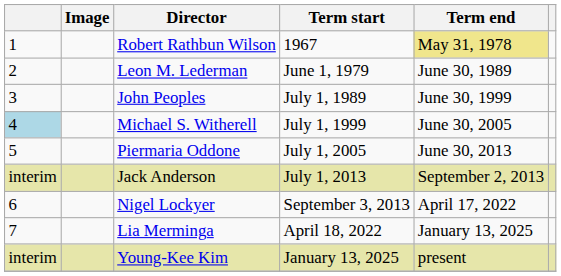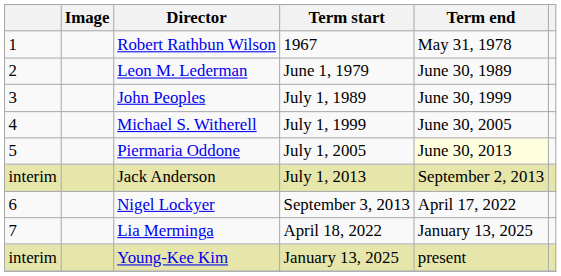 <table class="wikitable">
 <tr>
 <th></th>
 <th>Image</th>
 <th>Director</th>
 <th>Term start</th>
 <th>Term end</th>
 <th></th>
 </tr>
 <tr>
 <td>1</td>
 <td></td>
 <td><a href='#'>Robert Rathbun Wilson</a></td>
 <td>1967</td>
-<td style="background: khaki;">May 31, 1978</td>
+<td>May 31, 1978</td>
 <td></td>
 </tr>
 <tr>
 <td>2</td>
 <td></td>
 <td><a href='#'>Leon M. Lederman</a></td>
 <td>June 1, 1979</td>
 <td>June 30, 1989</td>
 <td></td>
 </tr>
 <tr>
 <td>3</td>
 <td></td>
 <td><a href='#'>John Peoples</a></td>
 <td>July 1, 1989</td>
 <td>June 30, 1999</td>
 <td></td>
 </tr>
 <tr>
-<td style="background: lightblue;">4</td>
+<td>4</td>
 <td></td>
 <td><a href='#'>Michael S. Witherell</a></td>
 <td>July 1, 1999</td>
 <td>June 30, 2005</td>
 <td></td>
 </tr>
 <tr>
 <td>5</td>
 <td></td>
 <td><a href='#'>Piermaria Oddone</a></td>
 <td>July 1, 2005</td>
-<td>June 30, 2013</td>
+<td style="background: lightyellow;">June 30, 2013</td>
 <td></td>
 </tr>
 <tr bgcolor="#e6e6aa">
 <td>interim</td>
 <td></td>
 <td>Jack Anderson</td>
 <td>July 1, 2013</td>
 <td>September 2, 2013</td>
 <td></td>
 </tr>
 <tr>
 <td>6</td>
 <td></td>
 <td><a href='#'>Nigel Lockyer</a></td>
 <td>September 3, 2013</td>
 <td>April 17, 2022</td>
 <td></td>
 </tr>
 <tr>
 <td>7</td>
 <td></td>
 <td><a href='#'>Lia Merminga</a></td>
 <td>April 18, 2022</td>
 <td>January 13, 2025</td>
 <td></td>
 </tr>
 <tr bgcolor="#e6e6aa">
 <td>interim</td>
 <td></td>
 <td><a href='#'>Young-Kee Kim</a></td>
 <td>January 13, 2025</td>
 <td>present</td>
 <td></td>
 </tr>
 <tr>
 </tr>
 </table>
